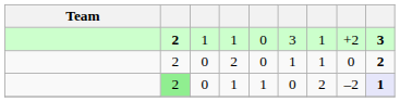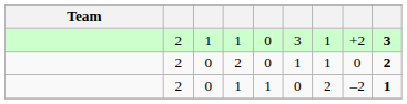 <table class="wikitable" style="text-align: center;">
 <tr>
 <th width="165">Team</th>
 <th width="25"></th>
 <th width="25"></th>
 <th width="25"></th>
 <th width="25"></th>
 <th width="25"></th>
 <th width="25"></th>
 <th width="25"></th>
 <th width="25"></th>
 </tr>
 <tr bgcolor="#ccffcc">
 <td style="text-align:left;"></td>
-<td><strong>2</strong></td>
+<td>2</td>
 <td>1</td>
 <td>1</td>
 <td>0</td>
 <td>3</td>
 <td>1</td>
 <td>+2</td>
 <td><strong>3</strong></td>
 </tr>
 <tr>
 <td style="text-align:left;"></td>
 <td>2</td>
 <td>0</td>
 <td>2</td>
 <td>0</td>
 <td>1</td>
 <td>1</td>
 <td>0</td>
 <td><strong>2</strong></td>
 </tr>
 <tr>
 <td style="text-align:left;"></td>
-<td style="background: lightgreen;">2</td>
+<td>2</td>
 <td>0</td>
 <td>1</td>
 <td>1</td>
 <td>0</td>
 <td>2</td>
 <td>–2</td>
-<td style="background: lavender;"><strong>1</strong></td>
+<td><strong>1</strong></td>
 </tr>
 <tr>
 </tr>
 </table>
